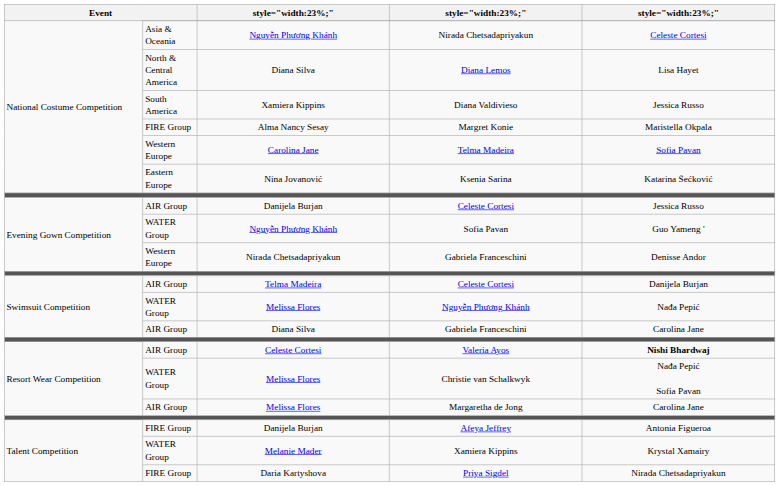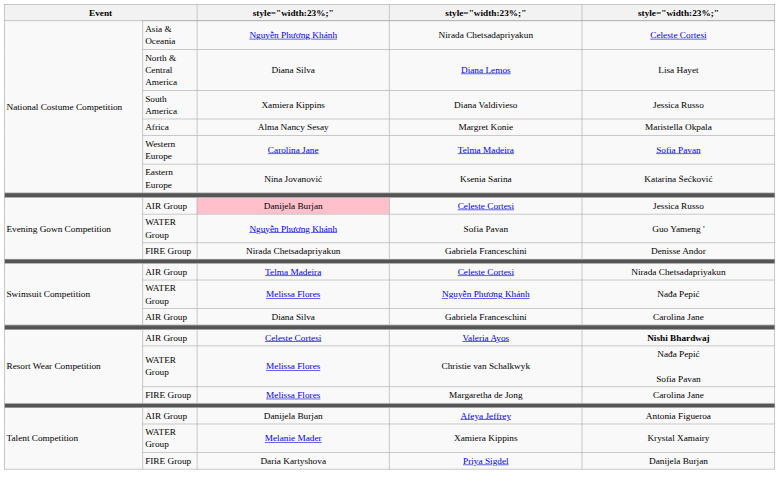 <table class="wikitable" style="line-height:20px; width:100%; font-size: 95%">
 <tr>
 <th colspan=2 style="width:25%;">Event</th>
 <th>style="width:23%;" </th>
 <th>style="width:23%;" </th>
 <th>style="width:23%;" </th>
 </tr>
 <tr>
 <td scope="row" rowspan=7 style="width:18%;">National Costume Competition</td>
 </tr>
 <tr>
 <td>Asia & Oceania</td>
 <td align="center"><a href='#'>Nguyễn Phương Khánh</a><br></td>
 <td align="center">Nirada Chetsadapriyakun<br></td>
 <td align="center"><a href='#'>Celeste Cortesi</a><br></td>
 </tr>
 <tr>
 <td>North & Central America</td>
 <td align="center">Diana Silva<br></td>
 <td align="center"><a href='#'>Diana Lemos</a><br></td>
 <td align="center">Lisa Hayet<br></td>
 </tr>
 <tr>
 <td>South America</td>
 <td align="center">Xamiera Kippins<br></td>
 <td align="center">Diana Valdivieso<br></td>
 <td align="center">Jessica Russo<br></td>
 </tr>
 <tr>
-<td>FIRE Group</td>
+<td>Africa</td>
 <td align="center">Alma Nancy Sesay<br></td>
 <td align="center">Margret Konie<br></td>
 <td align="center">Maristella Okpala<br></td>
 </tr>
 <tr>
 <td>Western Europe</td>
 <td align="center"><a href='#'>Carolina Jane</a><br></td>
 <td align="center"><a href='#'>Telma Madeira</a><br></td>
 <td align="center"><a href='#'>Sofia Pavan</a><br></td>
 </tr>
 <tr>
 <td>Eastern Europe</td>
 <td align="center">Nina Jovanović<br></td>
 <td align="center">Ksenia Sarina<br></td>
 <td align="center">Katarina Šećković<br></td>
 </tr>
 <tr bgcolor=#555>
 <td colspan=5></td>
 </tr>
 <tr>
 <td scope="row" rowspan=4 style="width:18%;">Evening Gown Competition</td>
 </tr>
 <tr>
 <td>AIR Group</td>
-<td align="center">Danijela Burjan<br></td>
+<td align="center" style="background: pink;">Danijela Burjan<br></td>
 <td align="center"><a href='#'>Celeste Cortesi</a><br></td>
 <td align="center">Jessica Russo<br></td>
 </tr>
 <tr>
 <td>WATER Group</td>
 <td align="center"><a href='#'>Nguyễn Phương Khánh</a><br></td>
 <td align="center">Sofia Pavan <br></td>
 <td align="center">Guo Yameng '<br></td>
 </tr>
 <tr>
-<td>Western Europe</td>
+<td>FIRE Group</td>
 <td align="center">Nirada Chetsadapriyakun<br></td>
 <td align="center">Gabriela Franceschini<br></td>
 <td align="center">Denisse Andor<br></td>
 </tr>
 <tr bgcolor=#555>
 <td colspan=5></td>
 </tr>
 <tr>
 <td scope="row" rowspan=4 style="width:18%;">Swimsuit Competition</td>
 </tr>
 <tr>
 <td>AIR Group</td>
 <td align="center"><a href='#'>Telma Madeira</a><br></td>
 <td align="center"><a href='#'>Celeste Cortesi</a><br></td>
-<td align="center">Danijela Burjan<br></td>
+<td align="center">Nirada Chetsadapriyakun<br></td>
 </tr>
 <tr>
 <td>WATER Group</td>
 <td align="center"><a href='#'>Melissa Flores</a><br></td>
 <td align="center"><a href='#'>Nguyễn Phương Khánh</a><br></td>
 <td align="center">Nađa Pepić<br></td>
 </tr>
 <tr>
 <td>AIR Group</td>
 <td align="center">Diana Silva<br></td>
 <td align="center">Gabriela Franceschini<br></td>
 <td align="center">Carolina Jane<br></td>
 </tr>
 <tr bgcolor=#555>
 <td colspan=5></td>
 </tr>
 <tr>
 <td scope="row" rowspan=4 style="width:18%;">Resort Wear Competition</td>
 </tr>
 <tr>
 <td>AIR Group</td>
 <td align="center"><a href='#'>Celeste Cortesi</a><br></td>
 <td align="center"><a href='#'>Valeria Ayos</a> <br></td>
 <td align="center"><strong>Nishi Bhardwaj<br></strong></td>
 </tr>
 <tr>
 <td>WATER Group</td>
 <td align="center"><a href='#'>Melissa Flores</a><br></td>
 <td align="center">Christie van Schalkwyk <br></td>
 <td align="center">Nađa Pepić<br> <br> Sofia Pavan <br></td>
 </tr>
 <tr>
-<td>AIR Group</td>
+<td>FIRE Group</td>
 <td align="center"><a href='#'>Melissa Flores</a><br></td>
 <td align="center">Margaretha de Jong <br></td>
 <td align="center">Carolina Jane<br></td>
 </tr>
 <tr bgcolor=#555>
 <td colspan=5></td>
 </tr>
 <tr>
 <td scope="row" rowspan=4 style="width:18%;">Talent Competition</td>
 </tr>
 <tr>
-<td>FIRE Group</td>
+<td>AIR Group</td>
 <td align="center">Danijela Burjan<br></td>
 <td align="center"><a href='#'>Afeya Jeffrey</a><br></td>
 <td align="center">Antonia Figueroa<br></td>
 </tr>
 <tr>
 <td>WATER Group</td>
 <td align="center"><a href='#'>Melanie Mader</a><br></td>
 <td align="center">Xamiera Kippins<br></td>
 <td align="center">Krystal Xamairy<br></td>
 </tr>
 <tr>
 <td>FIRE Group</td>
 <td align="center">Daria Kartyshova <br></td>
 <td align="center"><a href='#'>Priya Sigdel</a><br></td>
-<td align="center">Nirada Chetsadapriyakun<br></td>
+<td align="center">Danijela Burjan<br></td>
 </tr>
 </table>
